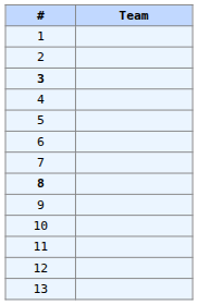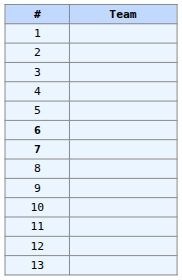 <table bgcolor="#f7f8ff" cellpadding="3" cellspacing="0" border="1" width="30%" style="margin:0 auto;font-size: 95%; border: gray solid 1px; border-collapse: collapse;">
 <tr bgcolor=#C1D8FF>
 <th>#</th>
 <th>Team</th>
 </tr>
 <tr align=left bgcolor=#EBF5FF>
 <td align=center> 1</td>
 <td></td>
 </tr>
 <tr align=left bgcolor=#EBF5FF>
 <td align=center> 2</td>
 <td></td>
 </tr>
 <tr align=left bgcolor=#EBF5FF>
-<td align=center><strong> 3</strong></td>
+<td align=center> 3</td>
 <td></td>
 </tr>
 <tr align=left bgcolor=#EBF5FF>
 <td align=center>4</td>
 <td></td>
 </tr>
 <tr align=left bgcolor=#EBF5FF>
 <td align=center>5</td>
 <td></td>
 </tr>
 <tr align=left bgcolor=#EBF5FF>
-<td align=center>6</td>
+<td align=center><strong>6</strong></td>
 <td></td>
 </tr>
 <tr align=left bgcolor=#EBF5FF>
-<td align=center>7</td>
+<td align=center><strong>7</strong></td>
 <td></td>
 </tr>
 <tr align=left bgcolor=#EBF5FF>
-<td align=center><strong>8</strong></td>
+<td align=center>8</td>
 <td></td>
 </tr>
 <tr align=left bgcolor=#EBF5FF>
 <td align=center>9</td>
 <td></td>
 </tr>
 <tr align=left bgcolor=#EBF5FF>
 <td align=center>10</td>
 <td></td>
 </tr>
 <tr align=left bgcolor=#EBF5FF>
 <td align=center>11</td>
 <td></td>
 </tr>
 <tr align=left bgcolor=#EBF5FF>
 <td align=center>12</td>
 <td></td>
 </tr>
 <tr align=left bgcolor=#EBF5FF>
 <td align=center>13</td>
 <td></td>
 </tr>
 </table>
